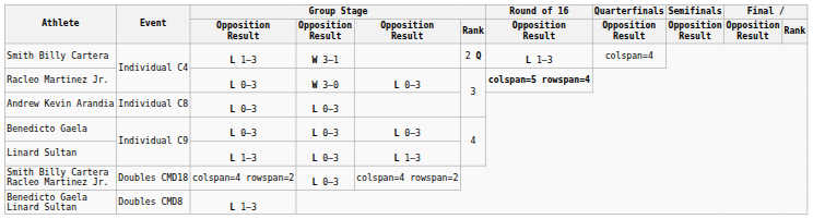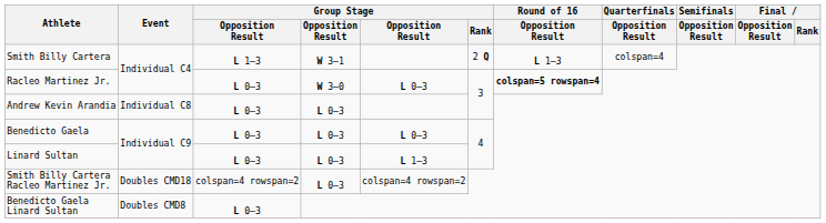 <table class=wikitable style="font-size:95%">
 <tr>
 <th rowspan=2>Athlete</th>
 <th rowspan=2>Event</th>
 <th colspan=4>Group Stage</th>
 <th>Round of 16</th>
 <th>Quarterfinals</th>
 <th>Semifinals</th>
 <th colspan=2>Final / </th>
 </tr>
 <tr>
 <th>Opposition<br>Result</th>
 <th>Opposition<br>Result</th>
 <th>Opposition<br>Result</th>
 <th>Rank</th>
 <th>Opposition<br>Result</th>
 <th>Opposition<br>Result</th>
 <th>Opposition<br>Result</th>
 <th>Opposition<br>Result</th>
 <th>Rank</th>
 </tr>
 <tr align=center>
 <td align=left>Smith Billy Cartera</td>
 <td align=left rowspan=2>Individual C4</td>
 <td><br><strong>L</strong> 1–3</td>
 <td><br><strong>W</strong> 3–1</td>
 <td></td>
 <td>2 <strong>Q</strong></td>
 <td><br><strong>L</strong> 1–3</td>
 <td>colspan=4 </td>
 </tr>
 <tr align=center>
 <td align=left>Racleo Martinez Jr.</td>
 <td><br><strong>L</strong> 0–3</td>
 <td><br><strong>W</strong> 3–0</td>
 <td><br><strong>L</strong> 0–3</td>
 <td rowspan=2>3</td>
 <td><strong>colspan=5 rowspan=4 </strong></td>
 </tr>
 <tr align=center>
 <td align=left>Andrew Kevin Arandia</td>
 <td align=left>Individual C8</td>
 <td><br><strong>L</strong> 0–3</td>
 <td><br><strong>L</strong> 0–3</td>
 <td></td>
 </tr>
 <tr align=center>
 <td align=left>Benedicto Gaela</td>
 <td align=left rowspan=2>Individual C9</td>
 <td><br><strong>L</strong> 0–3</td>
 <td><br><strong>L</strong> 0–3</td>
 <td><br><strong>L</strong> 0–3</td>
 <td rowspan=2>4</td>
 </tr>
 <tr align=center>
 <td align=left>Linard Sultan</td>
-<td><br><strong>L</strong> 1–3</td>
+<td><br><strong>L</strong> 0–3</td>
 <td><br><strong>L</strong> 0–3</td>
 <td><br><strong>L</strong> 1–3</td>
 </tr>
 <tr align=center>
 <td align=left>Smith Billy Cartera<br>Racleo Martinez Jr.</td>
 <td align=left>Doubles CMD18</td>
 <td>colspan=4 rowspan=2 </td>
 <td><br><strong>L</strong> 0–3</td>
 <td>colspan=4 rowspan=2 </td>
 </tr>
 <tr align=center>
 <td align=left>Benedicto Gaela<br>Linard Sultan</td>
 <td align=left>Doubles CMD8</td>
-<td><br><strong>L</strong> 1–3</td>
+<td><br><strong>L</strong> 0–3</td>
 </tr>
 </table>
